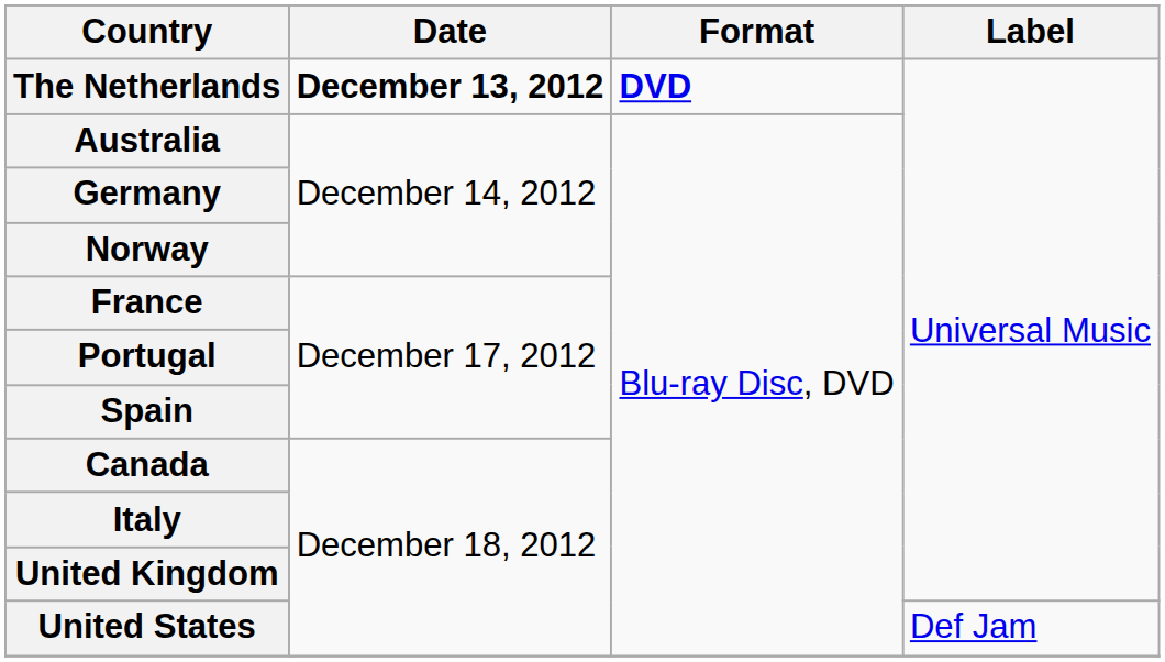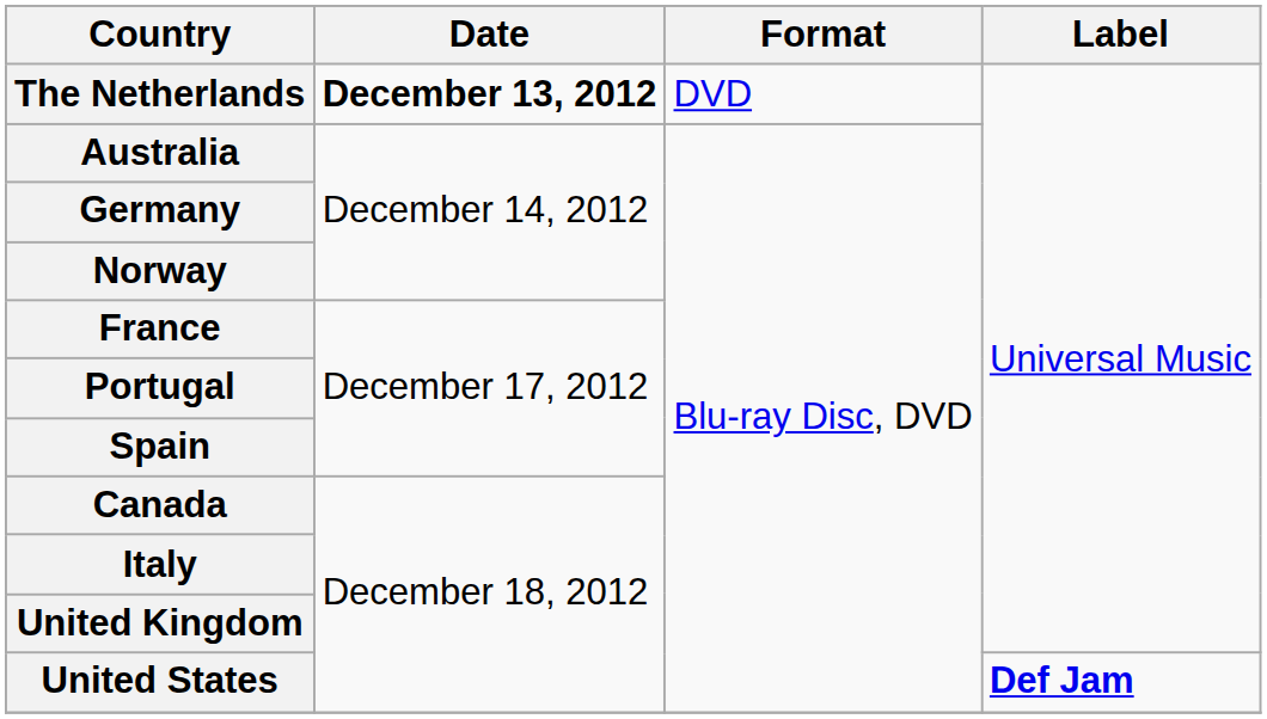 <table class="wikitable plainrowheaders" border="1">
 <tr>
 <th scope="col">Country</th>
 <th scope="col">Date</th>
 <th scope="col">Format</th>
 <th scope="col">Label</th>
 </tr>
 <tr>
 <th scope="row">The Netherlands</th>
 <td><strong>December 13, 2012</strong></td>
-<td><strong><a href='#'>DVD</a></strong></td>
+<td><a href='#'>DVD</a></td>
 <td rowspan="10"><a href='#'>Universal Music</a></td>
 </tr>
 <tr>
 <th scope="row">Australia</th>
 <td rowspan="3">December 14, 2012</td>
 <td rowspan="10"><a href='#'>Blu-ray Disc</a>, DVD</td>
 </tr>
 <tr>
 <th scope="row">Germany</th>
 </tr>
 <tr>
 <th scope="row">Norway</th>
 </tr>
 <tr>
 <th scope="row">France</th>
 <td rowspan="3">December 17, 2012</td>
 </tr>
 <tr>
 <th scope="row">Portugal</th>
 </tr>
 <tr>
 <th scope="row">Spain</th>
 </tr>
 <tr>
 <th scope="row">Canada</th>
 <td rowspan="4">December 18, 2012</td>
 </tr>
 <tr>
 <th scope="row">Italy</th>
 </tr>
 <tr>
 <th scope="row">United Kingdom</th>
 </tr>
 <tr>
 <th scope="row">United States</th>
-<td rowspan="1"><a href='#'>Def Jam</a></td>
+<td rowspan="1"><strong><a href='#'>Def Jam</a></strong></td>
 </tr>
 <tr>
 </tr>
 </table>
